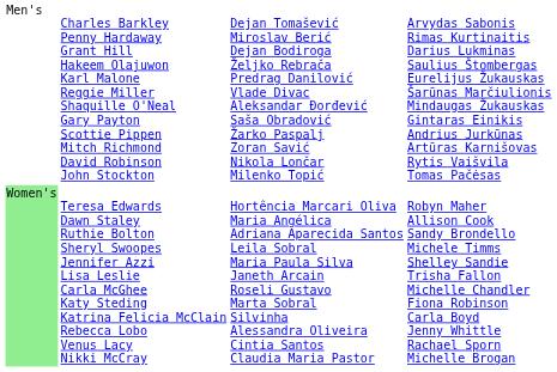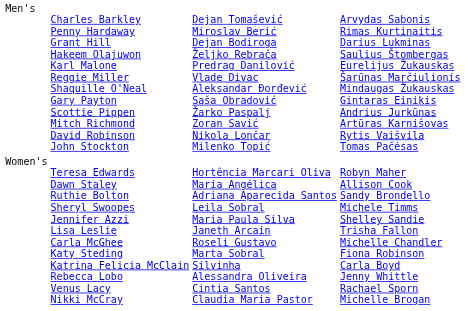 <table>
 <tr valign=top>
 <td>Men's</td>
 <td><br><a href='#'>Charles Barkley</a><br> <a href='#'>Penny Hardaway</a><br> <a href='#'>Grant Hill</a><br> <a href='#'>Hakeem Olajuwon</a><br> <a href='#'>Karl Malone</a><br> <a href='#'>Reggie Miller</a><br> <a href='#'>Shaquille O'Neal</a><br> <a href='#'>Gary Payton</a><br> <a href='#'>Scottie Pippen</a><br> <a href='#'>Mitch Richmond</a><br> <a href='#'>David Robinson</a><br> <a href='#'>John Stockton</a></td>
 <td><br><a href='#'>Dejan Tomašević</a><br> <a href='#'>Miroslav Berić</a><br> <a href='#'>Dejan Bodiroga</a><br> <a href='#'>Željko Rebrača</a><br> <a href='#'>Predrag Danilović</a><br> <a href='#'>Vlade Divac</a><br> <a href='#'>Aleksandar Đorđević</a><br> <a href='#'>Saša Obradović</a><br> <a href='#'>Žarko Paspalj</a><br> <a href='#'>Zoran Savić</a><br> <a href='#'>Nikola Lončar</a><br> <a href='#'>Milenko Topić</a><br></td>
 <td><br><a href='#'>Arvydas Sabonis</a><br> <a href='#'>Rimas Kurtinaitis</a><br> <a href='#'>Darius Lukminas</a><br> <a href='#'>Saulius Štombergas</a><br> <a href='#'>Eurelijus Žukauskas</a><br> <a href='#'>Šarūnas Marčiulionis</a><br> <a href='#'>Mindaugas Žukauskas</a><br> <a href='#'>Gintaras Einikis</a><br> <a href='#'>Andrius Jurkūnas</a><br> <a href='#'>Artūras Karnišovas</a><br> <a href='#'>Rytis Vaišvila</a><br> <a href='#'>Tomas Pačėsas</a></td>
 </tr>
 <tr valign=top>
-<td style="background: lightgreen;">Women's</td>
+<td>Women's</td>
 <td><br><a href='#'>Teresa Edwards</a><br> <a href='#'>Dawn Staley</a><br> <a href='#'>Ruthie Bolton</a><br> <a href='#'>Sheryl Swoopes</a><br> <a href='#'>Jennifer Azzi</a><br> <a href='#'>Lisa Leslie</a><br> <a href='#'>Carla McGhee</a><br> <a href='#'>Katy Steding</a><br> <a href='#'>Katrina Felicia McClain</a><br> <a href='#'>Rebecca Lobo</a><br> <a href='#'>Venus Lacy</a><br> <a href='#'>Nikki McCray</a></td>
 <td><br><a href='#'>Hortência Marcari Oliva</a><br> <a href='#'>Maria Angélica</a><br> <a href='#'>Adriana Aparecida Santos</a><br> <a href='#'>Leila Sobral</a><br> <a href='#'>Maria Paula Silva</a><br> <a href='#'>Janeth Arcain</a><br> <a href='#'>Roseli Gustavo</a><br> <a href='#'>Marta Sobral</a><br> <a href='#'>Silvinha</a><br> <a href='#'>Alessandra Oliveira</a><br> <a href='#'>Cintia Santos</a><br> <a href='#'>Claudia Maria Pastor</a><br></td>
 <td><br><a href='#'>Robyn Maher</a><br> <a href='#'>Allison Cook</a><br> <a href='#'>Sandy Brondello</a><br> <a href='#'>Michele Timms</a><br> <a href='#'>Shelley Sandie</a><br> <a href='#'>Trisha Fallon</a><br> <a href='#'>Michelle Chandler</a><br> <a href='#'>Fiona Robinson</a><br> <a href='#'>Carla Boyd</a><br> <a href='#'>Jenny Whittle</a><br> <a href='#'>Rachael Sporn</a><br> <a href='#'>Michelle Brogan</a></td>
 </tr>
 </table>
